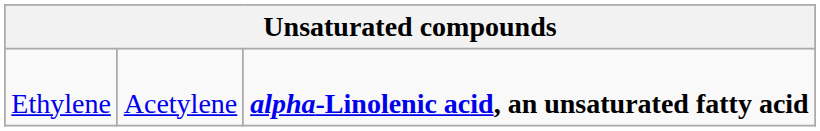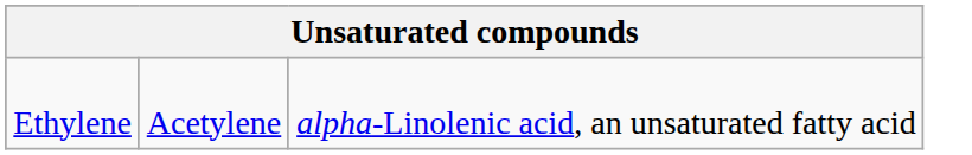 <table class="wikitable floatcenter" style="text-align:center; font-size:89">
 <tr>
 <th colspan="3">Unsaturated compounds</th>
 </tr>
 <tr>
 <td><br><a href='#'>Ethylene</a></td>
 <td><br><a href='#'>Acetylene</a></td>
-<td><strong><br><a href='#'><em>alpha</em>-Linolenic acid</a>, an unsaturated fatty acid</strong></td>
+<td><br><a href='#'><em>alpha</em>-Linolenic acid</a>, an unsaturated fatty acid</td>
 </tr>
 </table>
